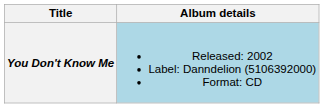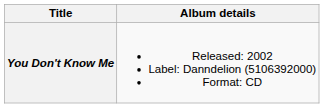 <table class="wikitable plainrowheaders" style="text-align:center;" border="1">
 <tr>
 <th>Title</th>
 <th>Album details</th>
 </tr>
 <tr>
 <th scope="row"><em>You Don't Know Me</em></th>
-<td style="background: lightblue;"><br><ul><li>Released: 2002</li><li>Label: Danndelion (5106392000)</li><li>Format: CD</li></ul></td>
+<td><br><ul><li>Released: 2002</li><li>Label: Danndelion (5106392000)</li><li>Format: CD</li></ul></td>
 </tr>
 </table>
